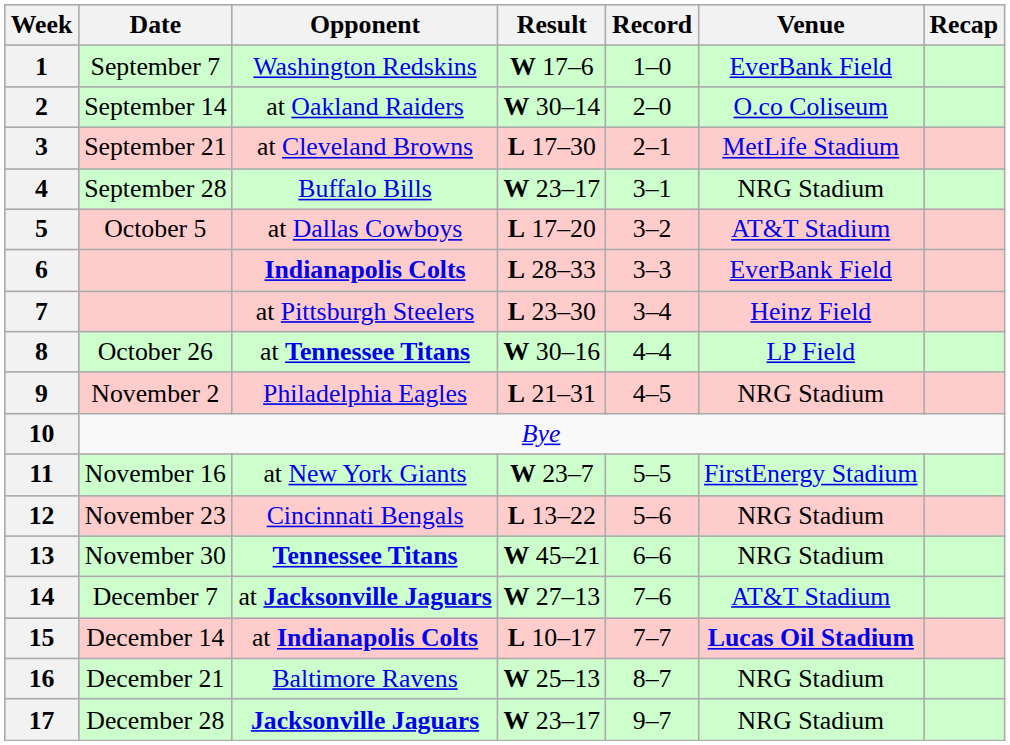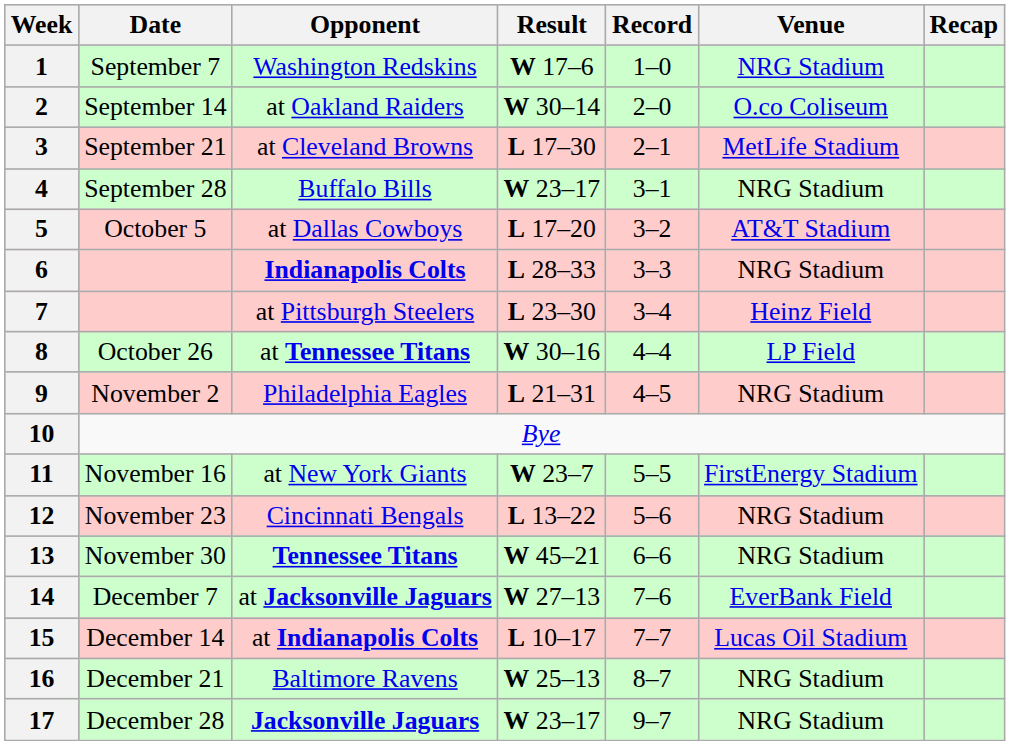 <table class="wikitable" style="text-align:center">
 <tr>
 <th>Week</th>
 <th>Date</th>
 <th>Opponent</th>
 <th>Result</th>
 <th>Record</th>
 <th>Venue</th>
 <th>Recap</th>
 </tr>
 <tr style="background:#cfc">
 <th>1</th>
 <td>September 7</td>
 <td><a href='#'>Washington Redskins</a></td>
 <td><strong>W</strong> 17–6</td>
 <td>1–0</td>
-<td><a href='#'>EverBank Field</a></td>
+<td><a href='#'>NRG Stadium</a></td>
 <td></td>
 </tr>
 <tr style="background:#cfc">
 <th>2</th>
 <td>September 14</td>
 <td>at <a href='#'>Oakland Raiders</a></td>
 <td><strong>W</strong> 30–14</td>
 <td>2–0</td>
 <td><a href='#'>O.co Coliseum</a></td>
 <td></td>
 </tr>
 <tr style="background:#fcc">
 <th>3</th>
 <td>September 21</td>
 <td>at <a href='#'>Cleveland Browns</a></td>
 <td><strong>L</strong> 17–30</td>
 <td>2–1</td>
 <td><a href='#'>MetLife Stadium</a></td>
 <td></td>
 </tr>
 <tr style="background:#cfc">
 <th>4</th>
 <td>September 28</td>
 <td><a href='#'>Buffalo Bills</a></td>
 <td><strong>W</strong> 23–17</td>
 <td>3–1</td>
 <td>NRG Stadium</td>
 <td></td>
 </tr>
 <tr style="background:#fcc">
 <th>5</th>
 <td>October 5</td>
 <td>at <a href='#'>Dallas Cowboys</a></td>
 <td><strong>L</strong> 17–20 </td>
 <td>3–2</td>
 <td><a href='#'>AT&T Stadium</a></td>
 <td></td>
 </tr>
 <tr style="background:#fcc">
 <th>6</th>
 <td></td>
 <td><strong><a href='#'>Indianapolis Colts</a></strong></td>
 <td><strong>L</strong> 28–33</td>
 <td>3–3</td>
-<td><a href='#'>EverBank Field</a></td>
+<td>NRG Stadium</td>
 <td></td>
 </tr>
 <tr style="background:#fcc">
 <th>7</th>
 <td></td>
 <td>at <a href='#'>Pittsburgh Steelers</a></td>
 <td><strong>L</strong> 23–30</td>
 <td>3–4</td>
 <td><a href='#'>Heinz Field</a></td>
 <td></td>
 </tr>
 <tr style="background:#cfc">
 <th>8</th>
 <td>October 26</td>
 <td>at <strong><a href='#'>Tennessee Titans</a></strong></td>
 <td><strong>W</strong> 30–16</td>
 <td>4–4</td>
 <td><a href='#'>LP Field</a></td>
 <td></td>
 </tr>
 <tr style="background:#fcc">
 <th>9</th>
 <td>November 2</td>
 <td><a href='#'>Philadelphia Eagles</a></td>
 <td><strong>L</strong> 21–31</td>
 <td>4–5</td>
 <td>NRG Stadium</td>
 <td></td>
 </tr>
 <tr>
 <th>10</th>
 <td colspan="6"><em><a href='#'>Bye</a></em></td>
 </tr>
 <tr style="background:#cfc">
 <th>11</th>
 <td>November 16</td>
 <td>at <a href='#'>New York Giants</a></td>
 <td><strong>W</strong> 23–7</td>
 <td>5–5</td>
 <td><a href='#'>FirstEnergy Stadium</a></td>
 <td></td>
 </tr>
 <tr style="background:#fcc">
 <th>12</th>
 <td>November 23</td>
 <td><a href='#'>Cincinnati Bengals</a></td>
 <td><strong>L</strong> 13–22</td>
 <td>5–6</td>
 <td>NRG Stadium</td>
 <td></td>
 </tr>
 <tr style="background:#cfc">
 <th>13</th>
 <td>November 30</td>
 <td><strong><a href='#'>Tennessee Titans</a></strong></td>
 <td><strong>W</strong> 45–21</td>
 <td>6–6</td>
 <td>NRG Stadium</td>
 <td></td>
 </tr>
 <tr style="background:#cfc">
 <th>14</th>
 <td>December 7</td>
 <td>at <strong><a href='#'>Jacksonville Jaguars</a></strong></td>
 <td><strong>W</strong> 27–13</td>
 <td>7–6</td>
-<td><a href='#'>AT&T Stadium</a></td>
+<td><a href='#'>EverBank Field</a></td>
 <td></td>
 </tr>
 <tr style="background:#fcc">
 <th>15</th>
 <td>December 14</td>
 <td>at <strong><a href='#'>Indianapolis Colts</a></strong></td>
 <td><strong>L</strong> 10–17</td>
 <td>7–7</td>
-<td><strong><a href='#'>Lucas Oil Stadium</a></strong></td>
+<td><a href='#'>Lucas Oil Stadium</a></td>
 <td></td>
 </tr>
 <tr style="background:#cfc">
 <th>16</th>
 <td>December 21</td>
 <td><a href='#'>Baltimore Ravens</a></td>
 <td><strong>W</strong> 25–13</td>
 <td>8–7</td>
 <td>NRG Stadium</td>
 <td></td>
 </tr>
 <tr style="background:#cfc">
 <th>17</th>
 <td>December 28</td>
 <td><strong><a href='#'>Jacksonville Jaguars</a></strong></td>
 <td><strong>W</strong> 23–17</td>
 <td>9–7</td>
 <td>NRG Stadium</td>
 <td></td>
 </tr>
 </table>
